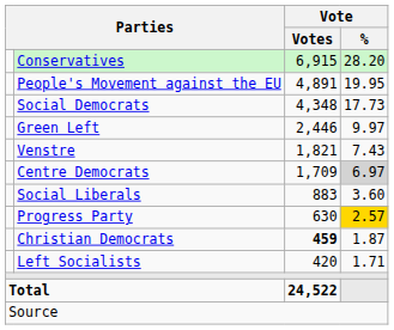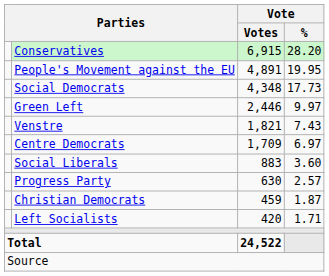 <table class="wikitable" style="text-align:right;">
 <tr>
 <th style="text-align:centre;" rowspan="2" colspan="2" width="225">Parties</th>
 <th colspan="3">Vote</th>
 </tr>
 <tr>
 <th width="15">Votes</th>
 <th width="15">%</th>
 </tr>
 <tr>
 <td width="2" style="color:inherit;background:"></td>
 <td bgcolor=#ccf7cc   align="left"><a href='#'>Conservatives</a></td>
 <td bgcolor=#ccf7cc>6,915</td>
 <td bgcolor=#ccf7cc>28.20</td>
 </tr>
 <tr>
 <td width="2" style="color:inherit;background:"></td>
 <td align="left"><a href='#'>People's Movement against the EU</a></td>
 <td>4,891</td>
 <td>19.95</td>
 </tr>
 <tr>
 <td width="2" style="color:inherit;background:"></td>
 <td align="left"><a href='#'>Social Democrats</a></td>
 <td>4,348</td>
 <td>17.73</td>
 </tr>
 <tr>
 <td width="2" style="color:inherit;background:"></td>
 <td align="left"><a href='#'>Green Left</a></td>
 <td>2,446</td>
 <td>9.97</td>
 </tr>
 <tr>
 <td width="2" style="color:inherit;background:"></td>
 <td align="left"><a href='#'>Venstre</a></td>
 <td>1,821</td>
 <td>7.43</td>
 </tr>
 <tr>
 <td width="2" style="color:inherit;background:"></td>
 <td align="left"><a href='#'>Centre Democrats</a></td>
 <td>1,709</td>
-<td style="background: lightgrey;">6.97</td>
+<td>6.97</td>
 </tr>
 <tr>
 <td width="2" style="color:inherit;background:"></td>
 <td align="left"><a href='#'>Social Liberals</a></td>
 <td>883</td>
 <td>3.60</td>
 </tr>
 <tr>
 <td width="2" style="color:inherit;background:"></td>
 <td align="left"><a href='#'>Progress Party</a></td>
 <td>630</td>
-<td style="background: gold;">2.57</td>
+<td>2.57</td>
 </tr>
 <tr>
 <td width="2" style="color:inherit;background:"></td>
 <td align="left"><a href='#'>Christian Democrats</a></td>
-<td><strong>459</strong></td>
+<td>459</td>
 <td>1.87</td>
 </tr>
 <tr>
 <td width="2" style="color:inherit;background:"></td>
 <td align="left"><a href='#'>Left Socialists</a></td>
 <td>420</td>
 <td>1.71</td>
 </tr>
 <tr>
 <td colspan="7" bgcolor="#E9E9E9"></td>
 </tr>
 <tr>
 <td align="left" colspan="2"><strong>Total</strong></td>
 <td><strong>24,522</strong></td>
 <td bgcolor="#E9E9E9" colspan="2"></td>
 </tr>
 <tr>
 <td align="left" colspan="6">Source</td>
 </tr>
 </table>
